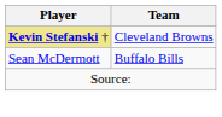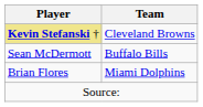 <table class="wikitable sortable">
 <tr>
 <th>Player</th>
 <th>Team</th>
 </tr>
 <tr>
 <td style="background-color:Khaki; border:1px solid #aaaaaa"><strong><a href='#'>Kevin Stefanski</a></strong> †</td>
 <td><a href='#'>Cleveland Browns</a></td>
 </tr>
 <tr>
 <td><a href='#'>Sean McDermott</a></td>
 <td><a href='#'>Buffalo Bills</a></td>
 </tr>
 <tr>
+<td><a href='#'>Brian Flores</a></td>
+<td><a href='#'>Miami Dolphins</a></td>
+</tr>
+<tr>
 <td colspan="2" style="text-align:center;">Source:</td>
 </tr>
 </table>
